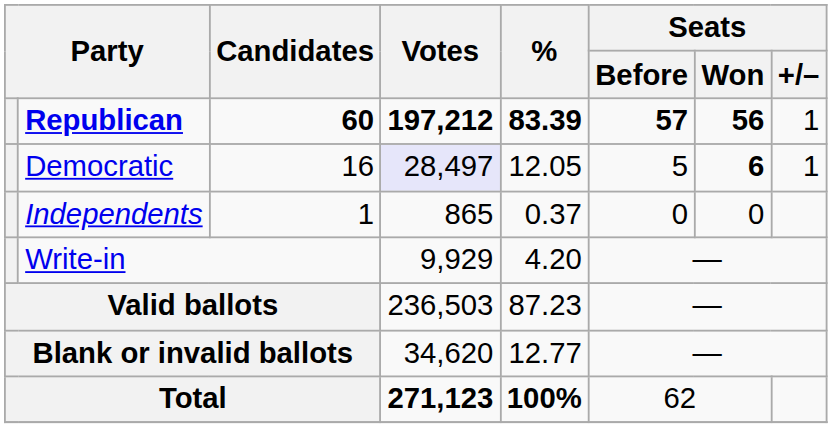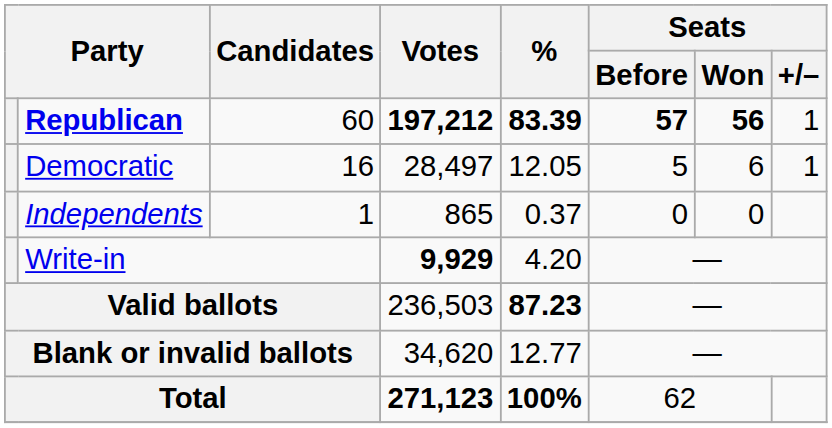 <table class="wikitable">
 <tr>
 <th rowspan="2" colspan="2">Party</th>
 <th rowspan="2">Candidates</th>
 <th rowspan="2">Votes</th>
 <th rowspan="2">%</th>
 <th colspan="5">Seats</th>
 </tr>
 <tr>
 <th>Before<br></th>
 <th>Won<br></th>
 <th>+/–</th>
 </tr>
 <tr>
 <th style="background-color:"></th>
 <td><strong><a href='#'>Republican</a></strong></td>
-<td align="right"><strong>60</strong></td>
+<td align="right">60</td>
 <td align="right"><strong>197,212</strong></td>
 <td align="right"><strong>83.39</strong></td>
 <td align="right"><strong>57</strong></td>
 <td align="right"><strong>56</strong></td>
 <td align="right"> 1</td>
 </tr>
 <tr>
 <th style="background-color:"></th>
 <td><a href='#'>Democratic</a></td>
 <td align="right">16</td>
-<td align="right" style="background: lavender;">28,497</td>
+<td align="right">28,497</td>
 <td align="right">12.05</td>
 <td align="right">5</td>
-<td align="right"><strong>6</strong></td>
+<td align="right">6</td>
 <td align="right"> 1</td>
 </tr>
 <tr>
 <th style="background-color:"></th>
 <td><em><a href='#'>Independents</a></em></td>
 <td align="right">1</td>
 <td align="right">865</td>
 <td align="right">0.37</td>
 <td align="right">0</td>
 <td align="right">0</td>
 <td align="right"></td>
 </tr>
 <tr>
 <th style="background-color:ffffff"></th>
 <td colspan=2><a href='#'>Write-in</a></td>
-<td align="right">9,929</td>
+<td align="right"><strong>9,929</strong></td>
 <td align="right">4.20</td>
 <td align="center" colspan="3">—</td>
 </tr>
 <tr>
 <th colspan="3">Valid ballots</th>
 <td align="right">236,503</td>
-<td align="right">87.23</td>
+<td align="right"><strong>87.23</strong></td>
 <td align="center" colspan="3">—</td>
 </tr>
 <tr>
 <th colspan="3">Blank or invalid ballots</th>
 <td align="right">34,620</td>
 <td align="right">12.77</td>
 <td align="center" colspan="3">—</td>
 </tr>
 <tr>
 <th colspan="3">Total</th>
 <td align="right"><strong>271,123</strong></td>
 <td align="right"><strong>100%</strong></td>
 <td colspan="2" align="center">62</td>
 <td align="right"></td>
 </tr>
 <tr>
 </tr>
 </table>
